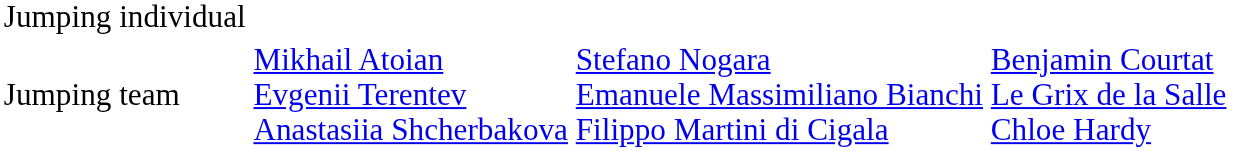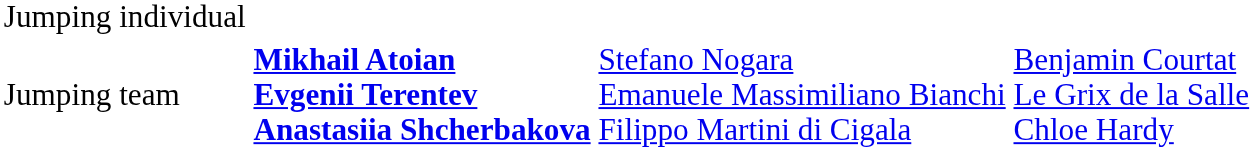 <table>
 <tr>
 <td>Jumping individual</td>
 <td></td>
 <td></td>
 <td></td>
 </tr>
 <tr>
 <td>Jumping team</td>
-<td><a href='#'>Mikhail Atoian</a><br><a href='#'>Evgenii Terentev</a><br><a href='#'>Anastasiia Shcherbakova</a><br></td>
+<td><strong><a href='#'>Mikhail Atoian</a><br><a href='#'>Evgenii Terentev</a><br><a href='#'>Anastasiia Shcherbakova</a><br></strong></td>
 <td><a href='#'>Stefano Nogara</a><br><a href='#'>Emanuele Massimiliano Bianchi</a><br><a href='#'>Filippo Martini di Cigala</a><br></td>
 <td><a href='#'>Benjamin Courtat</a><br><a href='#'>Le Grix de la Salle</a><br><a href='#'>Chloe Hardy</a><br></td>
 </tr>
 </table>
